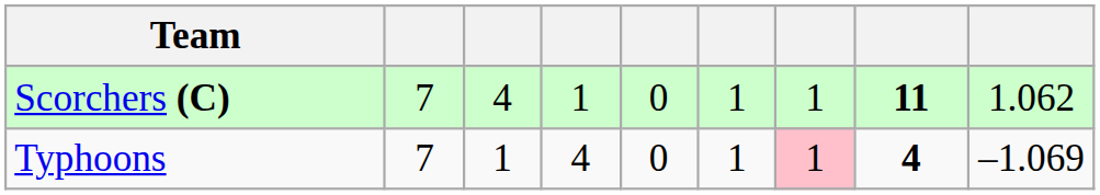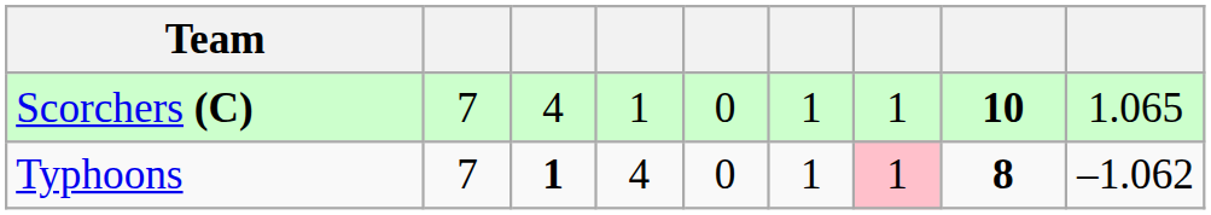 <table class="wikitable" style="text-align:center">
 <tr>
 <th width="150">Team</th>
 <th width="25"></th>
 <th width="25"></th>
 <th width="25"></th>
 <th width="25"></th>
 <th width="25"></th>
 <th width="25"></th>
 <th width="40"></th>
 <th width="45"></th>
 </tr>
 <tr style="background:#cfc">
 <td style="text-align:left"><a href='#'>Scorchers</a> <strong>(C)</strong></td>
 <td>7</td>
 <td>4</td>
 <td>1</td>
 <td>0</td>
 <td>1</td>
 <td>1</td>
-<td><strong>11</strong></td>
-<td>1.062</td>
+<td><strong>10</strong></td>
+<td>1.065</td>
 </tr>
 <tr>
 <td style="text-align:left"><a href='#'>Typhoons</a></td>
 <td>7</td>
-<td>1</td>
+<td><strong>1</strong></td>
 <td>4</td>
 <td>0</td>
 <td>1</td>
 <td style="background: pink;">1</td>
-<td><strong>4</strong></td>
-<td>–1.069</td>
+<td><strong>8</strong></td>
+<td>–1.062</td>
 </tr>
 </table>
